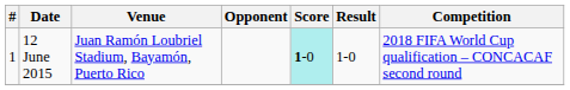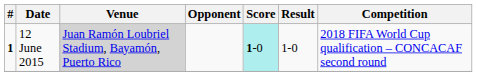 <table class="wikitable">
 <tr>
 <th>#</th>
 <th>Date</th>
 <th>Venue</th>
 <th>Opponent</th>
 <th>Score</th>
 <th>Result</th>
 <th>Competition</th>
 </tr>
 <tr>
-<td>1</td>
+<td><strong>1</strong></td>
 <td>12 June 2015</td>
-<td><a href='#'>Juan Ramón Loubriel Stadium</a>, <a href='#'>Bayamón</a>, <a href='#'>Puerto Rico</a></td>
+<td style="background: lightgrey;"><a href='#'>Juan Ramón Loubriel Stadium</a>, <a href='#'>Bayamón</a>, <a href='#'>Puerto Rico</a></td>
 <td></td>
 <td style="background: paleturquoise;"><strong>1</strong>-0</td>
 <td>1-0</td>
 <td><a href='#'>2018 FIFA World Cup qualification – CONCACAF second round</a></td>
 </tr>
 <tr>
 </tr>
 </table>
